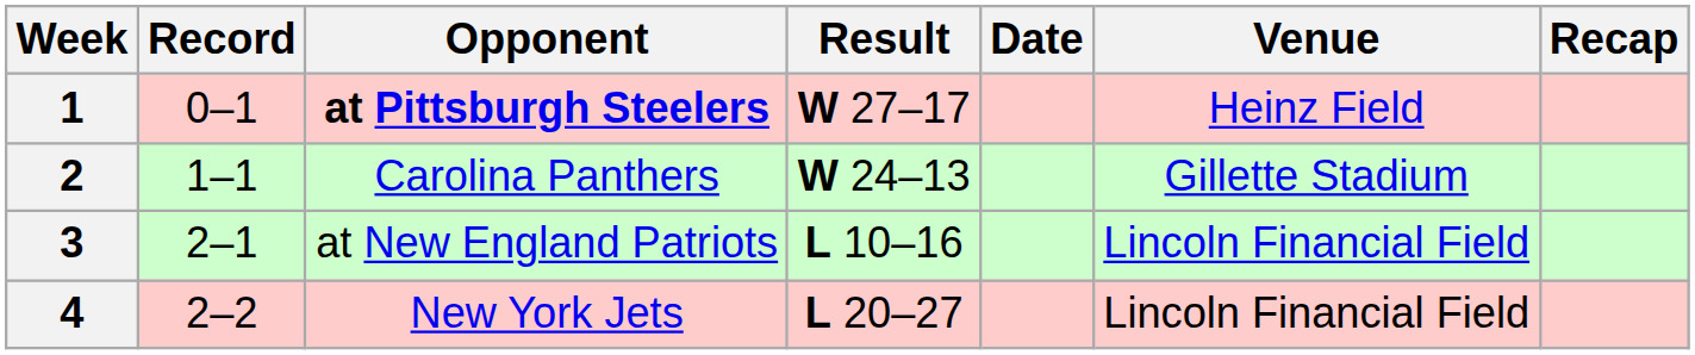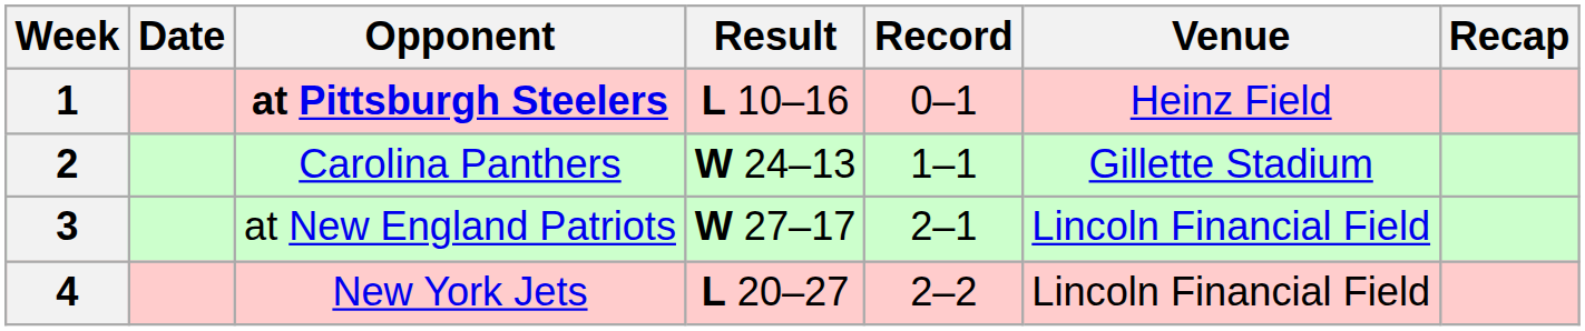 <table class="wikitable" style="text-align:center">
 <tr>
 <th>Week</th>
-<th>Record</th>
+<th>Date</th>
 <th>Opponent</th>
 <th>Result</th>
-<th>Date</th>
+<th>Record</th>
 <th>Venue</th>
 <th>Recap</th>
 </tr>
 <tr style="background:#fcc">
 <th>1</th>
+<td></td>
+<td><strong>at <a href='#'>Pittsburgh Steelers</a></strong></td>
+<td><strong>L</strong> 10–16</td>
 <td>0–1</td>
-<td><strong>at <a href='#'>Pittsburgh Steelers</a></strong></td>
-<td><strong>W</strong> 27–17</td>
-<td></td>
 <td><a href='#'>Heinz Field</a></td>
 <td></td>
 </tr>
 <tr style="background:#cfc">
 <th>2</th>
-<td>1–1</td>
+<td></td>
 <td><a href='#'>Carolina Panthers</a></td>
 <td><strong>W</strong> 24–13</td>
-<td></td>
+<td>1–1</td>
 <td><a href='#'>Gillette Stadium</a></td>
 <td></td>
 </tr>
 <tr style="background:#cfc">
 <th>3</th>
+<td></td>
+<td>at <a href='#'>New England Patriots</a></td>
+<td><strong>W</strong> 27–17</td>
 <td>2–1</td>
-<td>at <a href='#'>New England Patriots</a></td>
-<td><strong>L</strong> 10–16</td>
-<td></td>
 <td><a href='#'>Lincoln Financial Field</a></td>
 <td></td>
 </tr>
 <tr style="background:#fcc">
 <th>4</th>
-<td>2–2</td>
+<td></td>
 <td><a href='#'>New York Jets</a></td>
 <td><strong>L</strong> 20–27</td>
-<td></td>
+<td>2–2</td>
 <td>Lincoln Financial Field</td>
 <td></td>
 </tr>
 </table>
